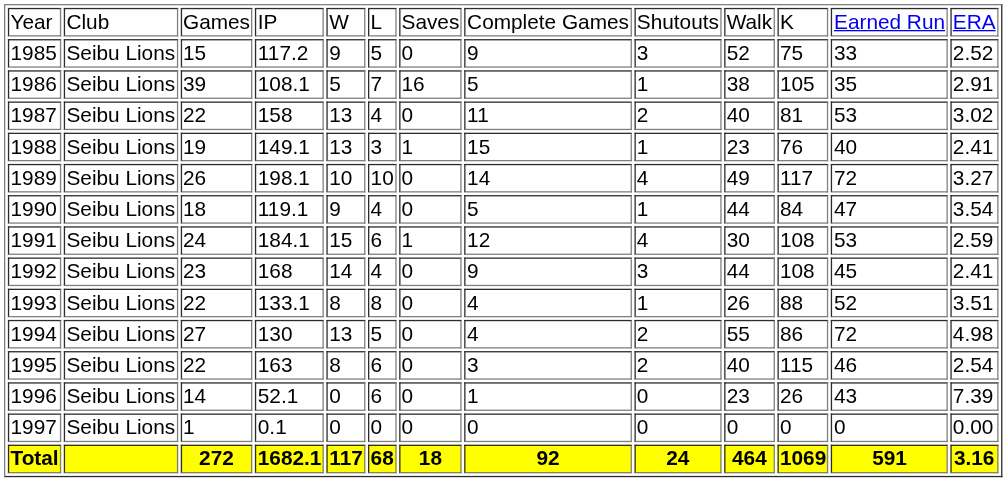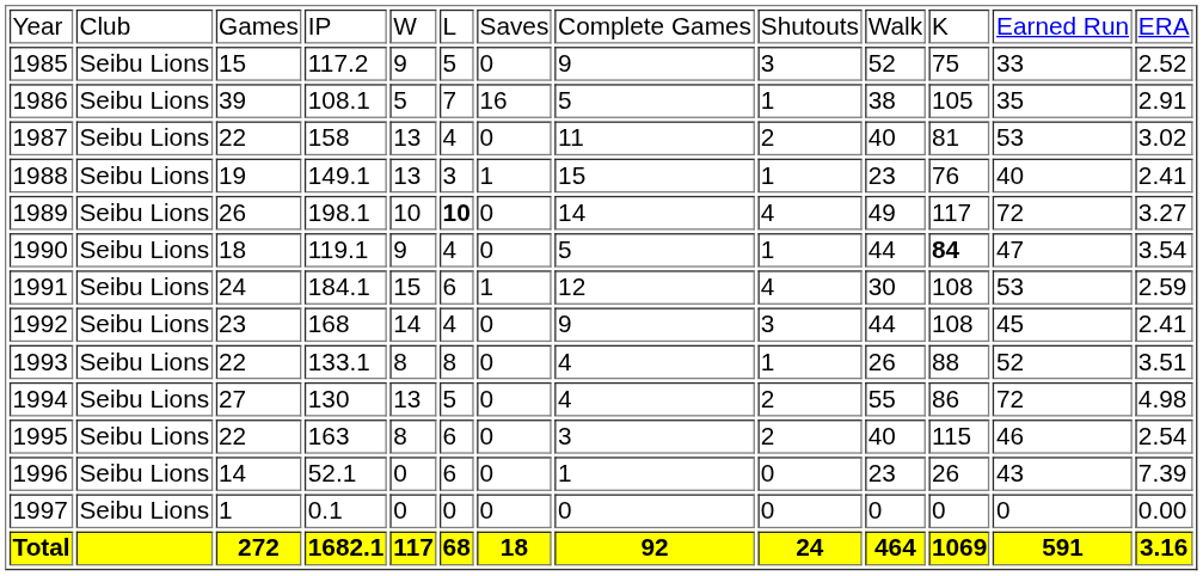 <table border=1>
 <tr>
 <td>Year</td>
 <td>Club</td>
 <td>Games</td>
 <td>IP</td>
 <td>W</td>
 <td>L</td>
 <td>Saves</td>
 <td>Complete Games</td>
 <td>Shutouts</td>
 <td>Walk</td>
 <td>K</td>
 <td><a href='#'>Earned Run</a></td>
 <td><a href='#'>ERA</a></td>
 </tr>
 <tr>
 <td>1985</td>
 <td>Seibu Lions</td>
 <td>15</td>
 <td>117.2</td>
 <td>9</td>
 <td>5</td>
 <td>0</td>
 <td>9</td>
 <td>3</td>
 <td>52</td>
 <td>75</td>
 <td>33</td>
 <td>2.52</td>
 </tr>
 <tr>
 <td>1986</td>
 <td>Seibu Lions</td>
 <td>39</td>
 <td>108.1</td>
 <td>5</td>
 <td>7</td>
 <td>16</td>
 <td>5</td>
 <td>1</td>
 <td>38</td>
 <td>105</td>
 <td>35</td>
 <td>2.91</td>
 </tr>
 <tr>
 <td>1987</td>
 <td>Seibu Lions</td>
 <td>22</td>
 <td>158</td>
 <td>13</td>
 <td>4</td>
 <td>0</td>
 <td>11</td>
 <td>2</td>
 <td>40</td>
 <td>81</td>
 <td>53</td>
 <td>3.02</td>
 </tr>
 <tr>
 <td>1988</td>
 <td>Seibu Lions</td>
 <td>19</td>
 <td>149.1</td>
 <td>13</td>
 <td>3</td>
 <td>1</td>
 <td>15</td>
 <td>1</td>
 <td>23</td>
 <td>76</td>
 <td>40</td>
 <td>2.41</td>
 </tr>
 <tr>
 <td>1989</td>
 <td>Seibu Lions</td>
 <td>26</td>
 <td>198.1</td>
 <td>10</td>
-<td>10</td>
+<td><strong>10</strong></td>
 <td>0</td>
 <td>14</td>
 <td>4</td>
 <td>49</td>
 <td>117</td>
 <td>72</td>
 <td>3.27</td>
 </tr>
 <tr>
 <td>1990</td>
 <td>Seibu Lions</td>
 <td>18</td>
 <td>119.1</td>
 <td>9</td>
 <td>4</td>
 <td>0</td>
 <td>5</td>
 <td>1</td>
 <td>44</td>
-<td>84</td>
+<td><strong>84</strong></td>
 <td>47</td>
 <td>3.54</td>
 </tr>
 <tr>
 <td>1991</td>
 <td>Seibu Lions</td>
 <td>24</td>
 <td>184.1</td>
 <td>15</td>
 <td>6</td>
 <td>1</td>
 <td>12</td>
 <td>4</td>
 <td>30</td>
 <td>108</td>
 <td>53</td>
 <td>2.59</td>
 </tr>
 <tr>
 <td>1992</td>
 <td>Seibu Lions</td>
 <td>23</td>
 <td>168</td>
 <td>14</td>
 <td>4</td>
 <td>0</td>
 <td>9</td>
 <td>3</td>
 <td>44</td>
 <td>108</td>
 <td>45</td>
 <td>2.41</td>
 </tr>
 <tr>
 <td>1993</td>
 <td>Seibu Lions</td>
 <td>22</td>
 <td>133.1</td>
 <td>8</td>
 <td>8</td>
 <td>0</td>
 <td>4</td>
 <td>1</td>
 <td>26</td>
 <td>88</td>
 <td>52</td>
 <td>3.51</td>
 </tr>
 <tr>
 <td>1994</td>
 <td>Seibu Lions</td>
 <td>27</td>
 <td>130</td>
 <td>13</td>
 <td>5</td>
 <td>0</td>
 <td>4</td>
 <td>2</td>
 <td>55</td>
 <td>86</td>
 <td>72</td>
 <td>4.98</td>
 </tr>
 <tr>
 <td>1995</td>
 <td>Seibu Lions</td>
 <td>22</td>
 <td>163</td>
 <td>8</td>
 <td>6</td>
 <td>0</td>
 <td>3</td>
 <td>2</td>
 <td>40</td>
 <td>115</td>
 <td>46</td>
 <td>2.54</td>
 </tr>
 <tr>
 <td>1996</td>
 <td>Seibu Lions</td>
 <td>14</td>
 <td>52.1</td>
 <td>0</td>
 <td>6</td>
 <td>0</td>
 <td>1</td>
 <td>0</td>
 <td>23</td>
 <td>26</td>
 <td>43</td>
 <td>7.39</td>
 </tr>
 <tr>
 <td>1997</td>
 <td>Seibu Lions</td>
 <td>1</td>
 <td>0.1</td>
 <td>0</td>
 <td>0</td>
 <td>0</td>
 <td>0</td>
 <td>0</td>
 <td>0</td>
 <td>0</td>
 <td>0</td>
 <td>0.00</td>
 </tr>
 <tr span style="background:yellow;">
 <th>Total</th>
 <th></th>
 <th>272</th>
 <th>1682.1</th>
 <th>117</th>
 <th>68</th>
 <th>18</th>
 <th>92</th>
 <th>24</th>
 <th>464</th>
 <th>1069</th>
 <th>591</th>
 <th>3.16</th>
 </tr>
 </table>
